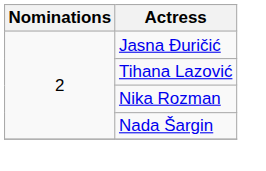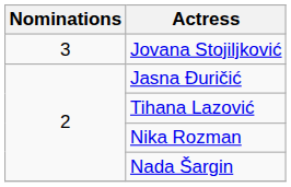 <table class="wikitable sortable">
 <tr>
 <th>Nominations</th>
 <th>Actress</th>
+</tr>
+<tr>
+<td rowspan="1" style="text-align:center">3</td>
+<td> <a href='#'>Jovana Stojiljković</a></td>
 </tr>
 <tr>
 <td rowspan="4" style="text-align:center">2</td>
 <td> <a href='#'>Jasna Đuričić</a></td>
 </tr>
 <tr>
 <td> <a href='#'>Tihana Lazović</a></td>
 </tr>
 <tr>
 <td> <a href='#'>Nika Rozman</a></td>
 </tr>
 <tr>
 <td> <a href='#'>Nada Šargin</a></td>
 </tr>
 <tr>
 </tr>
 </table>
